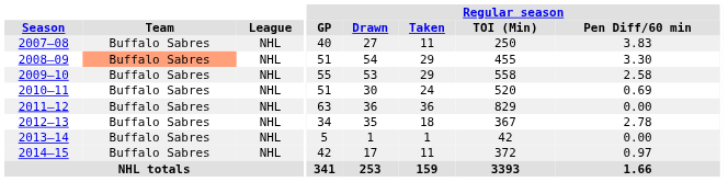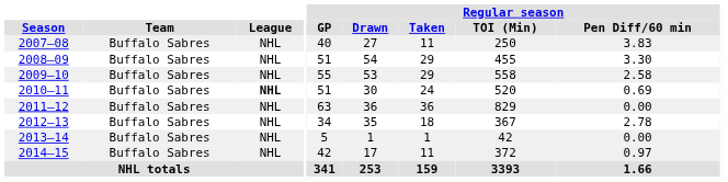 <table border="0" cellpadding="1" cellspacing="0" style="text-align:center; width:60em">
 <tr bgcolor="#e0e0e0">
 <th colspan="3" bgcolor="#ffffff"></th>
 <th rowspan="90" bgcolor="#ffffff"></th>
 <th colspan="5"><a href='#'>Regular season</a></th>
 <th rowspan="90" bgcolor="#ffffff"></th>
 </tr>
 <tr bgcolor="#e0e0e0">
 <th><a href='#'>Season</a></th>
 <th>Team</th>
 <th>League</th>
 <th>GP</th>
 <th><a href='#'>Drawn</a></th>
 <th><a href='#'>Taken</a></th>
 <th>TOI (Min)</th>
 <th>Pen Diff/60 min</th>
 </tr>
 <tr bgcolor="#f0f0f0">
 <td><a href='#'>2007–08</a></td>
 <td>Buffalo Sabres</td>
 <td>NHL</td>
 <td>40</td>
 <td>27</td>
 <td>11</td>
 <td>250</td>
 <td>3.83</td>
 </tr>
 <tr>
 <td><a href='#'>2008–09</a></td>
-<td style="background: lightsalmon;">Buffalo Sabres</td>
+<td>Buffalo Sabres</td>
 <td>NHL</td>
 <td>51</td>
 <td>54</td>
 <td>29</td>
 <td>455</td>
 <td>3.30</td>
 </tr>
 <tr bgcolor="#f0f0f0">
 <td><a href='#'>2009–10</a></td>
 <td>Buffalo Sabres</td>
 <td>NHL</td>
 <td>55</td>
 <td>53</td>
 <td>29</td>
 <td>558</td>
 <td>2.58</td>
 </tr>
 <tr>
 <td><a href='#'>2010–11</a></td>
 <td>Buffalo Sabres</td>
-<td>NHL</td>
+<td><strong>NHL</strong></td>
 <td>51</td>
 <td>30</td>
 <td>24</td>
 <td>520</td>
 <td>0.69</td>
 </tr>
 <tr bgcolor="#f0f0f0">
 <td><a href='#'>2011–12</a></td>
 <td>Buffalo Sabres</td>
 <td>NHL</td>
 <td>63</td>
 <td>36</td>
 <td>36</td>
 <td>829</td>
 <td>0.00</td>
 </tr>
 <tr>
 <td><a href='#'>2012–13</a></td>
 <td>Buffalo Sabres</td>
 <td>NHL</td>
 <td>34</td>
 <td>35</td>
 <td>18</td>
 <td>367</td>
 <td>2.78</td>
 </tr>
 <tr bgcolor="#f0f0f0">
 <td><a href='#'>2013–14</a></td>
 <td>Buffalo Sabres</td>
 <td>NHL</td>
 <td>5</td>
 <td>1</td>
 <td>1</td>
 <td>42</td>
 <td>0.00</td>
 </tr>
 <tr bgcolor="#f0f0f0">
 <td><a href='#'>2014–15</a></td>
 <td>Buffalo Sabres</td>
 <td>NHL</td>
 <td>42</td>
 <td>17</td>
 <td>11</td>
 <td>372</td>
 <td>0.97</td>
 </tr>
 <tr bgcolor="#e0e0e0">
 <th colspan="3">NHL totals</th>
 <th>341</th>
 <th>253</th>
 <th>159</th>
 <th>3393</th>
 <th>1.66</th>
 </tr>
 </table>
